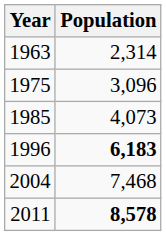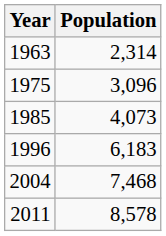 <table class="wikitable" style="line-height:1.1em;">
 <tr>
 <th>Year</th>
 <th>Population</th>
 </tr>
 <tr align="right">
 <td>1963</td>
 <td>2,314</td>
 </tr>
 <tr align="right">
 <td>1975</td>
 <td>3,096</td>
 </tr>
 <tr align="right">
 <td>1985</td>
 <td>4,073</td>
 </tr>
 <tr align="right">
 <td>1996</td>
-<td><strong>6,183</strong></td>
+<td>6,183</td>
 </tr>
 <tr align="right">
 <td>2004</td>
 <td>7,468</td>
 </tr>
 <tr align="right">
 <td>2011</td>
-<td><strong>8,578</strong></td>
+<td>8,578</td>
 </tr>
 </table>
